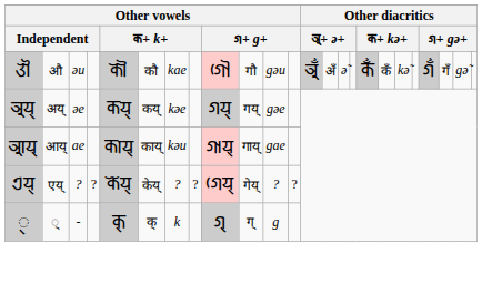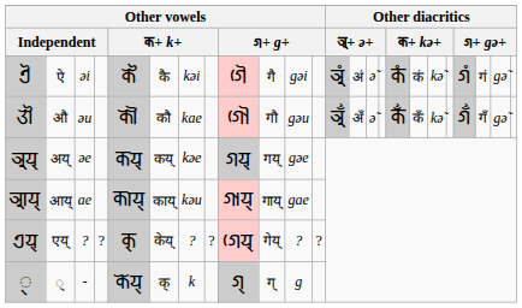 <table class="wikitable" style="text-align:center">
 <tr align="center">
 </tr>
 <tr bgcolor="#CCCCCC">
 <th colspan="12">Other vowels</th>
 <th colspan="12">Other diacritics</th>
 </tr>
 <tr bgcolor="#CCCCCC">
 <th colspan="4">Independent</th>
 <th colspan="4">𑐎+ <em>k+</em></th>
 <th colspan="4">𑐐+ <em>g+</em></th>
 <th colspan="4">𑐀+ <em>ə+</em></th>
 <th colspan="4">𑐎+ <em>kə+</em></th>
 <th colspan="4">𑐐+ <em>gə+</em></th>
+</tr>
+<tr>
+<td bgcolor="#CCCCCC" style="font-size:24px">𑐋</td>
+<td>ऐ</td>
+<td><em>əi</em></td>
+<td></td>
+<td bgcolor="#CCCCCC" style="font-size:24px">𑐎𑐿</td>
+<td>कै</td>
+<td><em>kəi</em></td>
+<td></td>
+<td bgcolor="#FFCCCC" style="font-size:24px">𑐐𑐿</td>
+<td>गै</td>
+<td><em>gəi</em></td>
+<td></td>
+<td bgcolor="#CCCCCC" style="font-size:24px">𑐀𑑄</td>
+<td>अं</td>
+<td><em>ə̃</em></td>
+<td></td>
+<td bgcolor="#CCCCCC" style="font-size:24px">𑐎𑑄</td>
+<td>कं</td>
+<td><em>kə̃</em></td>
+<td></td>
+<td bgcolor="#CCCCCC" style="font-size:24px">𑐐𑑄</td>
+<td>गं</td>
+<td><em>gə̃</em></td>
+<td></td>
 </tr>
 <tr>
 <td bgcolor="#CCCCCC" style="font-size:24px">𑐍</td>
 <td>औ</td>
 <td><em>əu</em></td>
 <td></td>
 <td bgcolor="#CCCCCC" style="font-size:24px">𑐎𑑁</td>
 <td>कौ</td>
 <td><em>kae</em></td>
 <td></td>
 <td bgcolor="#FFCCCC" style="font-size:24px">𑐐𑑁</td>
 <td>गौ</td>
 <td><em>gəu</em></td>
 <td></td>
 <td bgcolor="#CCCCCC" style="font-size:24px">𑐀𑑃</td>
 <td>अँ</td>
 <td><em>ə̃</em></td>
 <td></td>
 <td bgcolor="#CCCCCC" style="font-size:24px">𑐎𑑃</td>
 <td>कँ</td>
 <td><em>kə̃</em></td>
 <td></td>
 <td bgcolor="#CCCCCC" style="font-size:24px">𑐐𑑃</td>
 <td>गँ</td>
 <td><em>gə̃</em></td>
 <td></td>
 </tr>
 <tr>
 <td bgcolor="#CCCCCC" style="font-size:24px">𑐀𑐫𑑂</td>
 <td>अय्‌</td>
 <td><em>əe</em></td>
 <td></td>
 <td bgcolor="#CCCCCC" style="font-size:24px">𑐎𑐫𑑂</td>
 <td>कय्‌</td>
 <td><em>kəe</em></td>
 <td></td>
 <td bgcolor="#CCCCCC" style="font-size:24px">𑐐𑐫𑑂</td>
 <td>गय्‌</td>
 <td><em>gəe</em></td>
 <td></td>
 <td colspan="12" rowspan="4"></td>
 </tr>
 <tr>
 <td bgcolor="#CCCCCC" style="font-size:24px">𑐁𑐫𑑂</td>
 <td>आय्‌</td>
 <td><em>ae</em></td>
 <td></td>
 <td bgcolor="#CCCCCC" style="font-size:24px">𑐎𑐵𑐫𑑂</td>
 <td>काय्‌</td>
 <td><em>kəu</em></td>
 <td></td>
 <td bgcolor="#FFCCCC" style="font-size:24px">𑐐𑐵𑐫𑑂</td>
 <td>गाय्‌</td>
 <td><em>gae</em></td>
 <td></td>
 </tr>
 <tr>
 <td bgcolor="#CCCCCC" style="font-size:24px">𑐊𑐫𑑂</td>
 <td>एय्‌</td>
 <td><em>?</em></td>
 <td>?</td>
-<td bgcolor="#CCCCCC" style="font-size:24px">𑐎𑐾𑐫𑑂</td>
+<td bgcolor="#CCCCCC" style="font-size:24px">𑐎𑑂</td>
 <td>केय्‌</td>
 <td><em>?</em></td>
 <td>?</td>
 <td bgcolor="#FFCCCC" style="font-size:24px">𑐐𑐾𑐫𑑂</td>
 <td>गेय्‌</td>
 <td><em>?</em></td>
 <td>?</td>
 </tr>
 <tr>
 <td bgcolor="#CCCCCC" style="font-size:24px">𑑂</td>
 <td>्</td>
 <td><em>-</em></td>
 <td></td>
-<td bgcolor="#CCCCCC" style="font-size:24px">𑐎𑑂</td>
+<td bgcolor="#CCCCCC" style="font-size:24px">𑐎𑐾𑐫𑑂</td>
 <td>क्</td>
 <td><em>k</em></td>
 <td></td>
 <td bgcolor="#CCCCCC" style="font-size:24px">𑐐𑑂</td>
 <td>ग्</td>
 <td><em>g</em></td>
 <td></td>
 </tr>
 </table>
